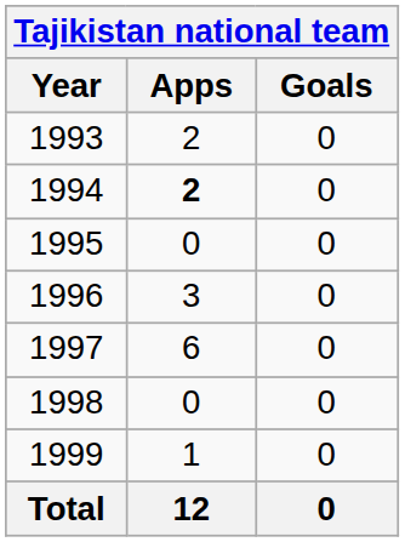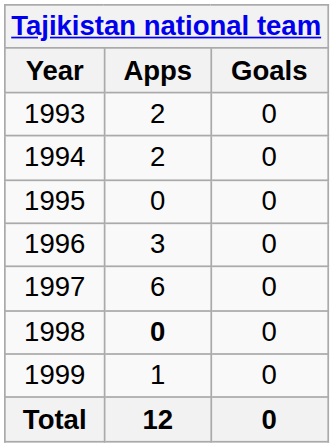 <table class="wikitable" style="text-align:center">
 <tr>
 <th colspan=3><a href='#'>Tajikistan national team</a></th>
 </tr>
 <tr>
 <th>Year</th>
 <th>Apps</th>
 <th>Goals</th>
 </tr>
 <tr>
 <td>1993</td>
 <td>2</td>
 <td>0</td>
 </tr>
 <tr>
 <td>1994</td>
-<td><strong>2</strong></td>
+<td>2</td>
 <td>0</td>
 </tr>
 <tr>
 <td>1995</td>
 <td>0</td>
 <td>0</td>
 </tr>
 <tr>
 <td>1996</td>
 <td>3</td>
 <td>0</td>
 </tr>
 <tr>
 <td>1997</td>
 <td>6</td>
 <td>0</td>
 </tr>
 <tr>
 <td>1998</td>
-<td>0</td>
+<td><strong>0</strong></td>
 <td>0</td>
 </tr>
 <tr>
 <td>1999</td>
 <td>1</td>
 <td>0</td>
 </tr>
 <tr>
 <th>Total</th>
 <th>12</th>
 <th>0</th>
 </tr>
 </table>
